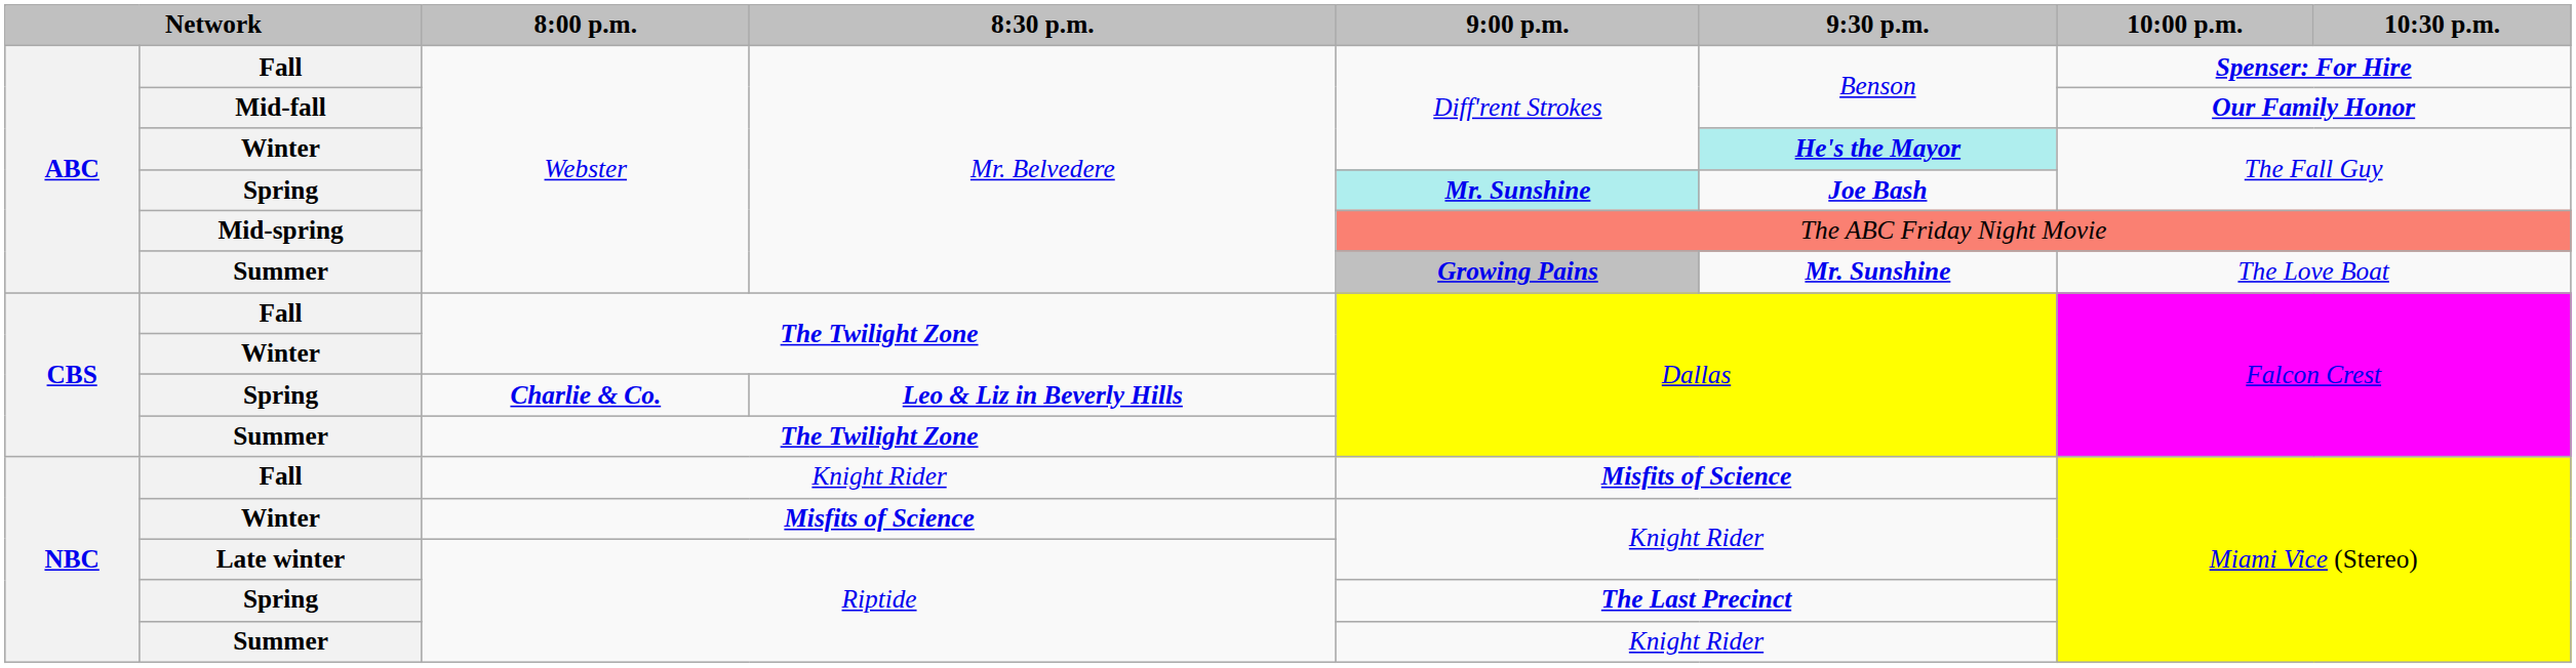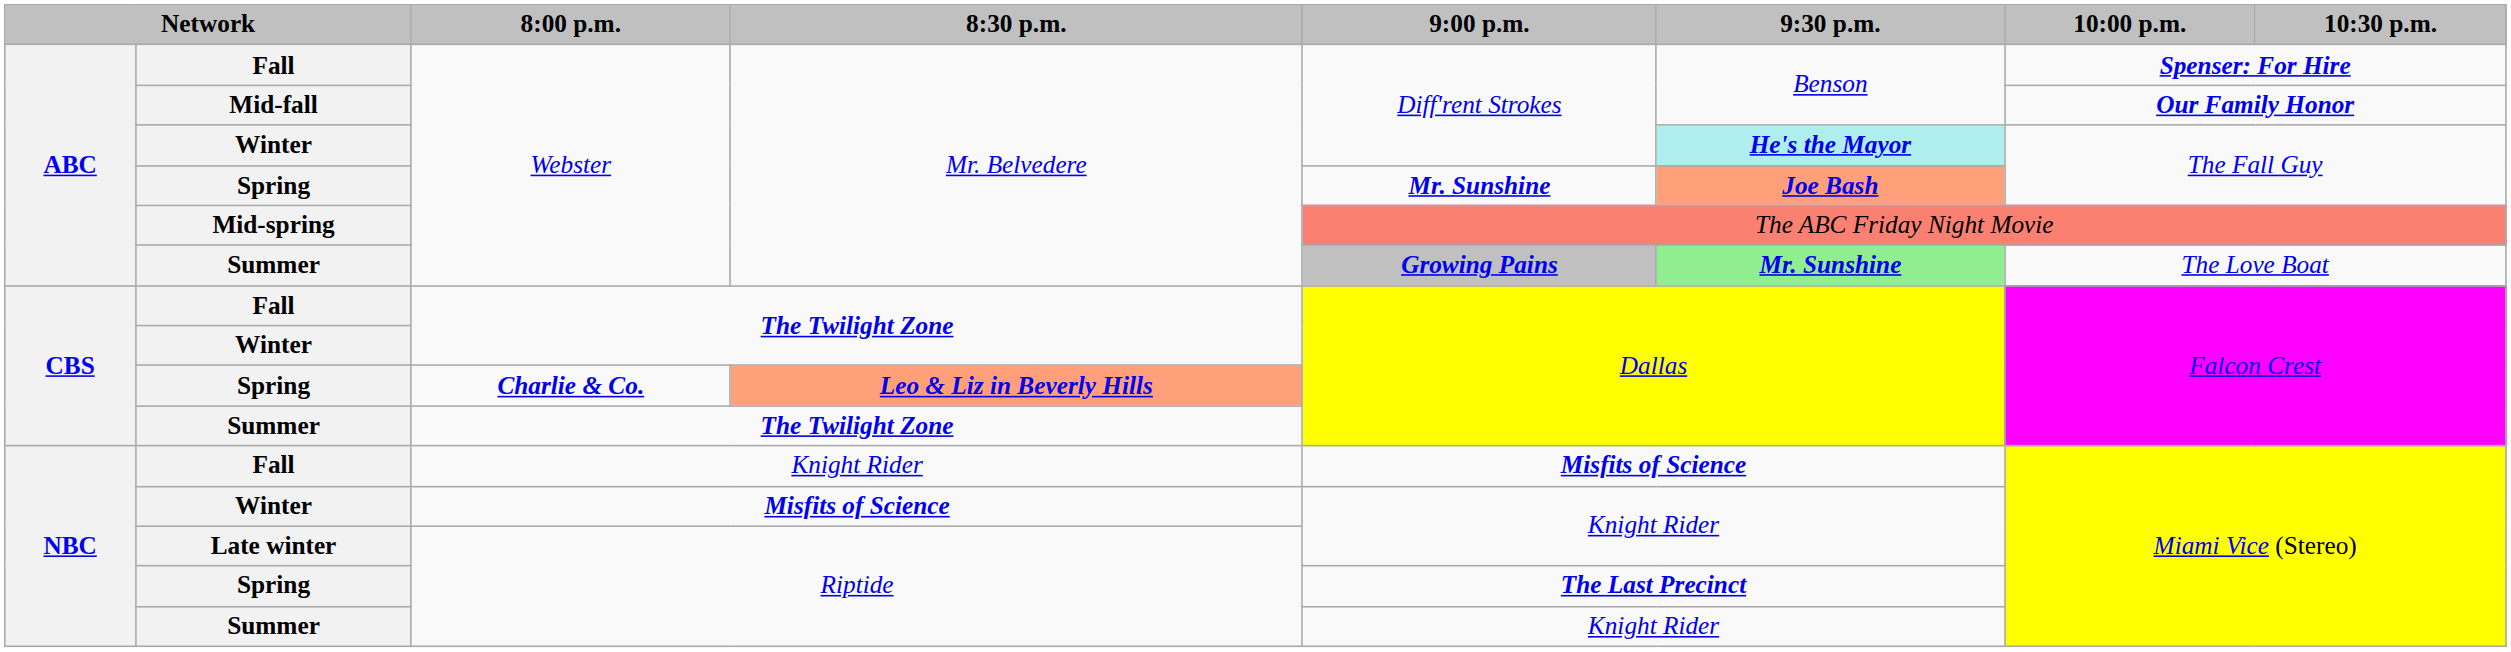 <table class="wikitable" style="width:100%;margin-right:0;text-align:center">
 <tr>
 <th colspan="2" style="background-color:#C0C0C0;text-align:center;width">Network</th>
 <th style="background-color:#C0C0C0;text-align:center">8:00 p.m.</th>
 <th style="background-color:#C0C0C0;text-align:center">8:30 p.m.</th>
 <th style="background-color:#C0C0C0;text-align:center">9:00 p.m.</th>
 <th style="background-color:#C0C0C0;text-align:center">9:30 p.m.</th>
 <th style="background-color:#C0C0C0;text-align:center">10:00 p.m.</th>
 <th style="background-color:#C0C0C0;text-align:center">10:30 p.m.</th>
 </tr>
 <tr>
 <th rowspan="6"><a href='#'>ABC</a></th>
 <th>Fall</th>
 <td rowspan="6"><em><a href='#'>Webster</a></em></td>
 <td rowspan="6"><em><a href='#'>Mr. Belvedere</a></em></td>
 <td rowspan="3"><em><a href='#'>Diff'rent Strokes</a></em></td>
 <td rowspan="2"><em><a href='#'>Benson</a></em></td>
 <td colspan="2"><strong><em><a href='#'>Spenser: For Hire</a></em></strong></td>
 </tr>
 <tr>
 <th>Mid-fall</th>
 <td colspan="2"><strong><em><a href='#'>Our Family Honor</a></em></strong></td>
 </tr>
 <tr>
 <th>Winter</th>
 <td style="background: paleturquoise;"><strong><em><a href='#'>He's the Mayor</a></em></strong></td>
 <td rowspan="2" colspan="2"><em><a href='#'>The Fall Guy</a></em></td>
 </tr>
 <tr>
 <th>Spring</th>
-<td style="background: paleturquoise;"><strong><em><a href='#'>Mr. Sunshine</a></em></strong></td>
-<td><strong><em><a href='#'>Joe Bash</a></em></strong></td>
+<td><strong><em><a href='#'>Mr. Sunshine</a></em></strong></td>
+<td style="background: lightsalmon;"><strong><em><a href='#'>Joe Bash</a></em></strong></td>
 </tr>
 <tr>
 <th>Mid-spring</th>
 <td colspan="4" style="background:#FA8072;"><em>The ABC Friday Night Movie</em></td>
 </tr>
 <tr>
 <th>Summer</th>
 <td style="background:#C0C0C0;"><strong><em><a href='#'>Growing Pains</a></em></strong> </td>
-<td><strong><em><a href='#'>Mr. Sunshine</a></em></strong></td>
+<td style="background: lightgreen;"><strong><em><a href='#'>Mr. Sunshine</a></em></strong></td>
 <td colspan="2"><em><a href='#'>The Love Boat</a></em></td>
 </tr>
 <tr>
 <th rowspan="4"><a href='#'>CBS</a></th>
 <th>Fall</th>
 <td colspan="2" rowspan="2"><strong><em><a href='#'>The Twilight Zone</a></em></strong></td>
 <td style="background:#FFFF00;" colspan="2" rowspan="4"><em><a href='#'>Dallas</a></em> </td>
 <td style="background:#FF00FF;" colspan="2" rowspan="4"><em><a href='#'>Falcon Crest</a></em> </td>
 </tr>
 <tr>
 <th>Winter</th>
 </tr>
 <tr>
 <th>Spring</th>
 <td><strong><em><a href='#'>Charlie & Co.</a></em></strong></td>
-<td><strong><em><a href='#'>Leo & Liz in Beverly Hills</a></em></strong></td>
+<td style="background: lightsalmon;"><strong><em><a href='#'>Leo & Liz in Beverly Hills</a></em></strong></td>
 </tr>
 <tr>
 <th>Summer</th>
 <td colspan="2"><strong><em><a href='#'>The Twilight Zone</a></em></strong></td>
 </tr>
 <tr>
 <th rowspan="5"><a href='#'>NBC</a></th>
 <th>Fall</th>
 <td colspan="2"><em><a href='#'>Knight Rider</a></em></td>
 <td colspan="2"><strong><em><a href='#'>Misfits of Science</a></em></strong></td>
 <td style="background:#FFFF00;" rowspan="5" colspan="2"><em><a href='#'>Miami Vice</a></em> (Stereo) </td>
 </tr>
 <tr>
 <th>Winter</th>
 <td colspan="2"><strong><em><a href='#'>Misfits of Science</a></em></strong></td>
 <td rowspan="2" colspan="2"><em><a href='#'>Knight Rider</a></em></td>
 </tr>
 <tr>
 <th>Late winter</th>
 <td rowspan="3" colspan="2"><em><a href='#'>Riptide</a></em></td>
 </tr>
 <tr>
 <th>Spring</th>
 <td colspan="2"><strong><em><a href='#'>The Last Precinct</a></em></strong></td>
 </tr>
 <tr>
 <th>Summer</th>
 <td colspan="2"><em><a href='#'>Knight Rider</a></em></td>
 </tr>
 </table>
